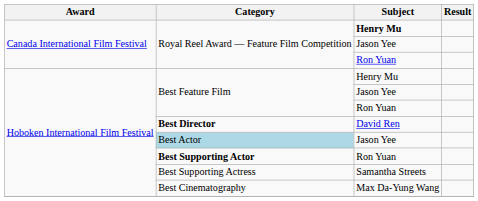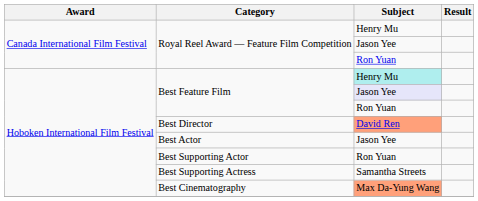 <table class="wikitable">
 <tr>
 <th>Award</th>
 <th>Category</th>
 <th>Subject</th>
 <th>Result</th>
 </tr>
 <tr>
 <td rowspan=3><a href='#'>Canada International Film Festival</a></td>
 <td rowspan=3>Royal Reel Award — Feature Film Competition</td>
-<td><strong>Henry Mu</strong></td>
+<td>Henry Mu</td>
 <td></td>
 </tr>
 <tr>
 <td>Jason Yee</td>
 <td></td>
 </tr>
 <tr>
 <td><a href='#'>Ron Yuan</a></td>
 <td></td>
 </tr>
 <tr>
 <td rowspan=8><a href='#'>Hoboken International Film Festival</a></td>
 <td rowspan=3>Best Feature Film</td>
-<td>Henry Mu</td>
+<td style="background: paleturquoise;">Henry Mu</td>
 <td></td>
 </tr>
 <tr>
-<td>Jason Yee</td>
+<td style="background: lavender;">Jason Yee</td>
 <td></td>
 </tr>
 <tr>
 <td>Ron Yuan</td>
 <td></td>
 </tr>
 <tr>
-<td><strong>Best Director</strong></td>
-<td><a href='#'>David Ren</a></td>
+<td>Best Director</td>
+<td style="background: lightsalmon;"><a href='#'>David Ren</a></td>
 <td></td>
 </tr>
 <tr>
-<td style="background: lightblue;">Best Actor</td>
+<td>Best Actor</td>
 <td>Jason Yee</td>
 <td></td>
 </tr>
 <tr>
-<td><strong>Best Supporting Actor</strong></td>
+<td>Best Supporting Actor</td>
 <td>Ron Yuan</td>
 <td></td>
 </tr>
 <tr>
 <td>Best Supporting Actress</td>
 <td>Samantha Streets</td>
 <td></td>
 </tr>
 <tr>
 <td>Best Cinematography</td>
-<td>Max Da-Yung Wang</td>
+<td style="background: lightsalmon;">Max Da-Yung Wang</td>
 <td></td>
 </tr>
 <tr>
 </tr>
 </table>
